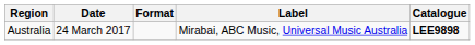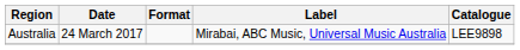 <table class="wikitable plainrowheaders">
 <tr>
 <th scope="col">Region</th>
 <th scope="col">Date</th>
 <th scope="col">Format</th>
 <th scope="col">Label</th>
 <th scope="col">Catalogue</th>
 </tr>
 <tr>
 <td>Australia</td>
 <td>24 March 2017</td>
 <td></td>
 <td>Mirabai, ABC Music, <a href='#'>Universal Music Australia</a></td>
-<td><strong>LEE9898</strong></td>
+<td>LEE9898</td>
 </tr>
 <tr>
 </tr>
 </table>
